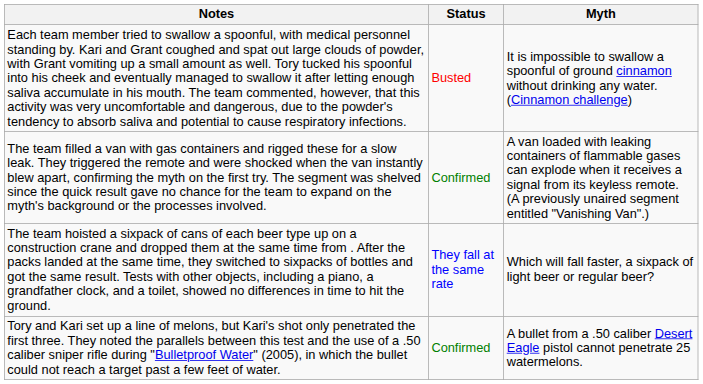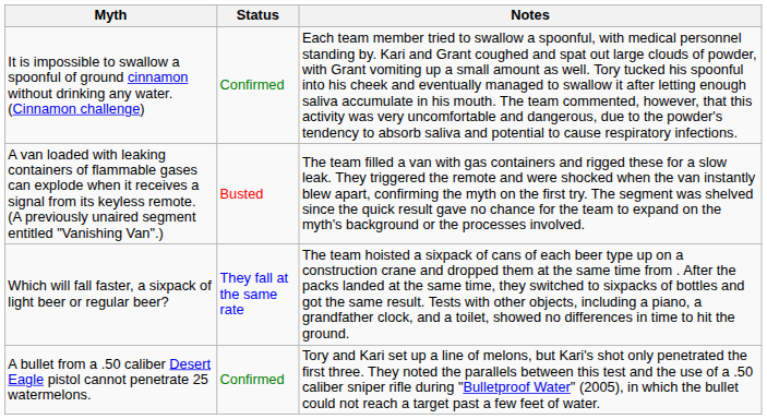 <table class="wikitable plainrowheaders">
 <tr>
+<th>Myth</th>
+<th>Status</th>
 <th>Notes</th>
-<th>Status</th>
-<th>Myth</th>
 </tr>
 <tr>
+<td>It is impossible to swallow a spoonful of ground <a href='#'>cinnamon</a> without drinking any water. (<a href='#'>Cinnamon challenge</a>)</td>
+<td style="color:green">Confirmed</td>
 <td>Each team member tried to swallow a spoonful, with medical personnel standing by. Kari and Grant coughed and spat out large clouds of powder, with Grant vomiting up a small amount as well. Tory tucked his spoonful into his cheek and eventually managed to swallow it after letting enough saliva accumulate in his mouth. The team commented, however, that this activity was very uncomfortable and dangerous, due to the powder's tendency to absorb saliva and potential to cause respiratory infections.</td>
-<td style="color:red">Busted</td>
-<td>It is impossible to swallow a spoonful of ground <a href='#'>cinnamon</a> without drinking any water. (<a href='#'>Cinnamon challenge</a>)</td>
 </tr>
 <tr>
+<td>A van loaded with leaking containers of flammable gases can explode when it receives a signal from its keyless remote. (A previously unaired segment entitled "Vanishing Van".)</td>
+<td style="color:red">Busted</td>
 <td>The team filled a van with gas containers and rigged these for a slow leak. They triggered the remote and were shocked when the van instantly blew apart, confirming the myth on the first try. The segment was shelved since the quick result gave no chance for the team to expand on the myth's background or the processes involved.</td>
-<td style="color:green">Confirmed</td>
-<td>A van loaded with leaking containers of flammable gases can explode when it receives a signal from its keyless remote. (A previously unaired segment entitled "Vanishing Van".)</td>
 </tr>
 <tr>
+<td>Which will fall faster, a sixpack of light beer or regular beer?</td>
+<td style="color:blue">They fall at the same rate</td>
 <td>The team hoisted a sixpack of cans of each beer type up on a construction crane and dropped them at the same time from . After the packs landed at the same time, they switched to sixpacks of bottles and got the same result. Tests with other objects, including a piano, a grandfather clock, and a toilet, showed no differences in time to hit the ground.</td>
-<td style="color:blue">They fall at the same rate</td>
-<td>Which will fall faster, a sixpack of light beer or regular beer?</td>
 </tr>
 <tr>
+<td>A bullet from a .50 caliber <a href='#'>Desert Eagle</a> pistol cannot penetrate 25 watermelons.</td>
+<td style="color:green">Confirmed</td>
 <td>Tory and Kari set up a line of melons, but Kari's shot only penetrated the first three. They noted the parallels between this test and the use of a .50 caliber sniper rifle during "<a href='#'>Bulletproof Water</a>" (2005), in which the bullet could not reach a target past a few feet of water.</td>
-<td style="color:green">Confirmed</td>
-<td>A bullet from a .50 caliber <a href='#'>Desert Eagle</a> pistol cannot penetrate 25 watermelons.</td>
 </tr>
 </table>
